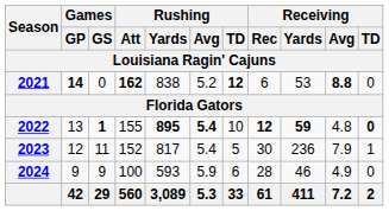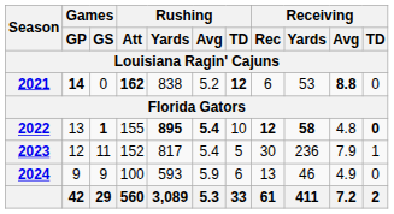 <table class="wikitable" style="text-align:center;">
 <tr>
 <th rowspan="2">Season</th>
 <th colspan="2">Games</th>
 <th colspan="4">Rushing</th>
 <th colspan="4">Receiving</th>
 </tr>
 <tr>
 <th>GP</th>
 <th>GS</th>
 <th>Att</th>
 <th>Yards</th>
 <th>Avg</th>
 <th>TD</th>
 <th>Rec</th>
 <th>Yards</th>
 <th>Avg</th>
 <th>TD</th>
 </tr>
 <tr>
 <th colspan="16">Louisiana Ragin' Cajuns</th>
 </tr>
 <tr>
 <th><a href='#'>2021</a></th>
 <td><strong>14</strong></td>
 <td>0</td>
 <td><strong>162</strong></td>
 <td>838</td>
 <td>5.2</td>
 <td><strong>12</strong></td>
 <td>6</td>
 <td>53</td>
 <td><strong>8.8</strong></td>
 <td>0</td>
 </tr>
 <tr>
 <th colspan="16">Florida Gators</th>
 </tr>
 <tr>
 <th><a href='#'>2022</a></th>
 <td>13</td>
 <td><strong>1</strong></td>
 <td>155</td>
 <td><strong>895</strong></td>
 <td><strong>5.4</strong></td>
 <td>10</td>
 <td><strong>12</strong></td>
-<td><strong>59</strong></td>
+<td><strong>58</strong></td>
 <td>4.8</td>
 <td><strong>0</strong></td>
 </tr>
 <tr>
 <th><a href='#'>2023</a></th>
 <td>12</td>
 <td>11</td>
 <td>152</td>
 <td>817</td>
 <td>5.4</td>
 <td>5</td>
 <td>30</td>
 <td>236</td>
 <td>7.9</td>
 <td>1</td>
 </tr>
 <tr>
 <th><a href='#'>2024</a></th>
 <td>9</td>
 <td>9</td>
 <td>100</td>
 <td>593</td>
 <td>5.9</td>
 <td>6</td>
-<td>28</td>
+<td>13</td>
 <td>46</td>
 <td>4.9</td>
 <td>0</td>
 </tr>
 <tr>
 <th></th>
 <th>42</th>
 <th>29</th>
 <th>560</th>
 <th>3,089</th>
 <th>5.3</th>
 <th>33</th>
 <th>61</th>
 <th>411</th>
 <th>7.2</th>
 <th>2</th>
 </tr>
 </table>
